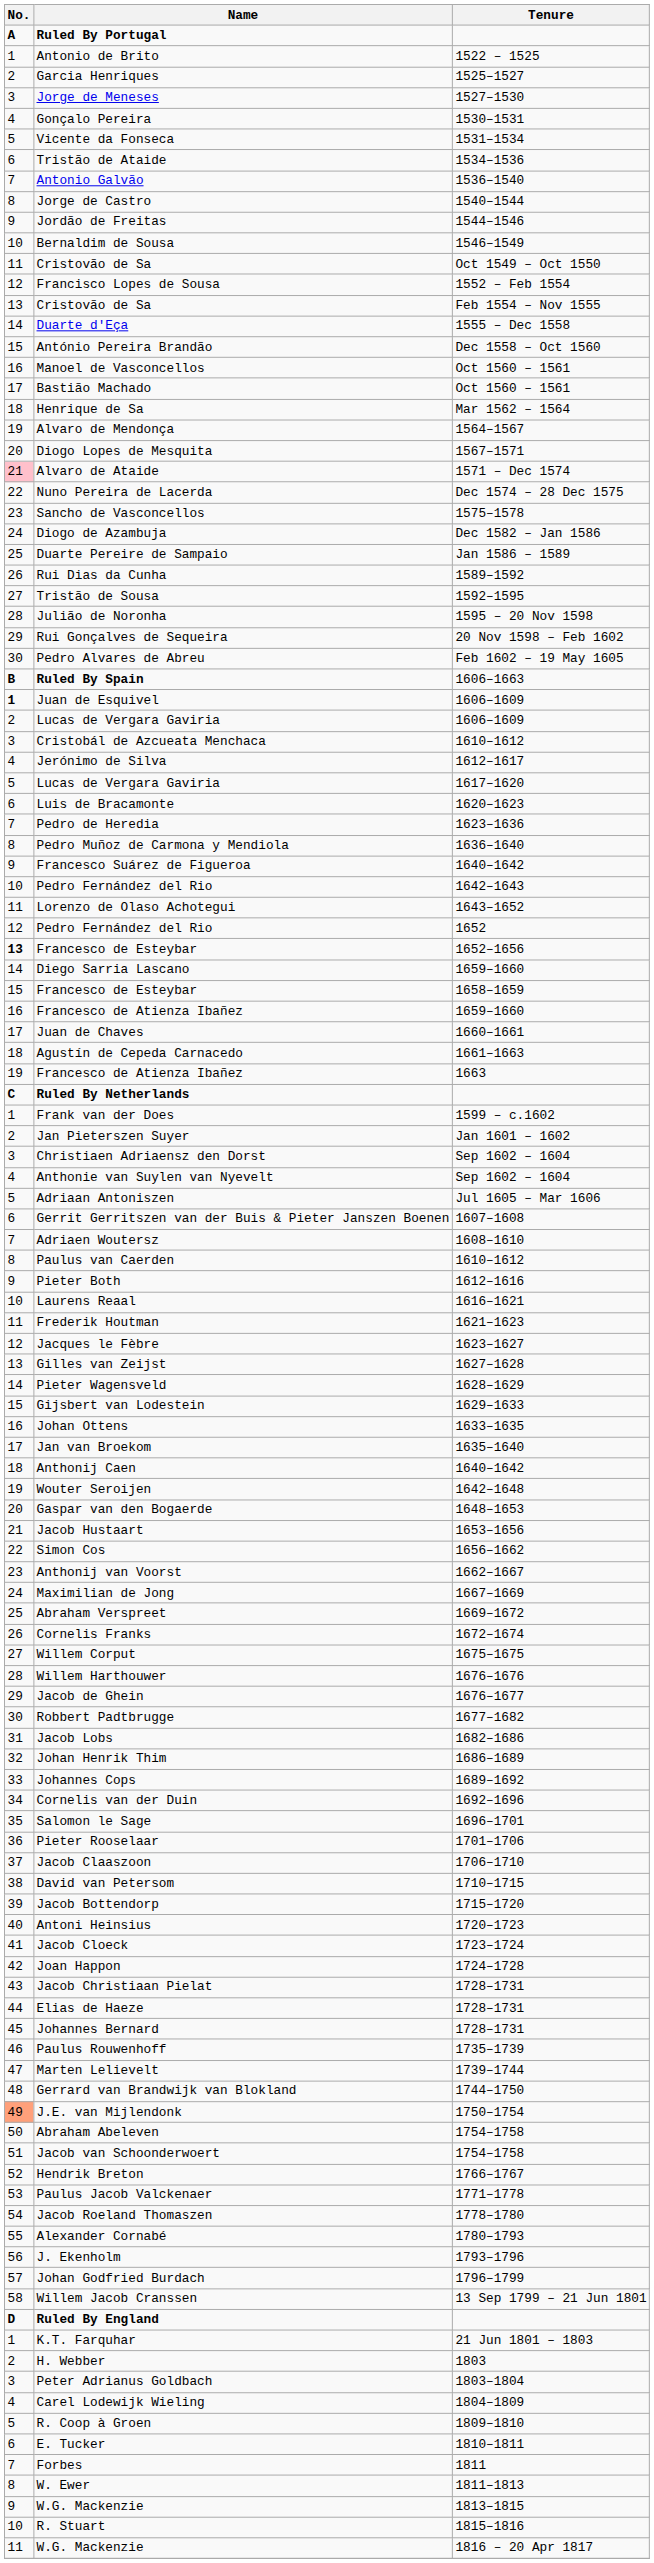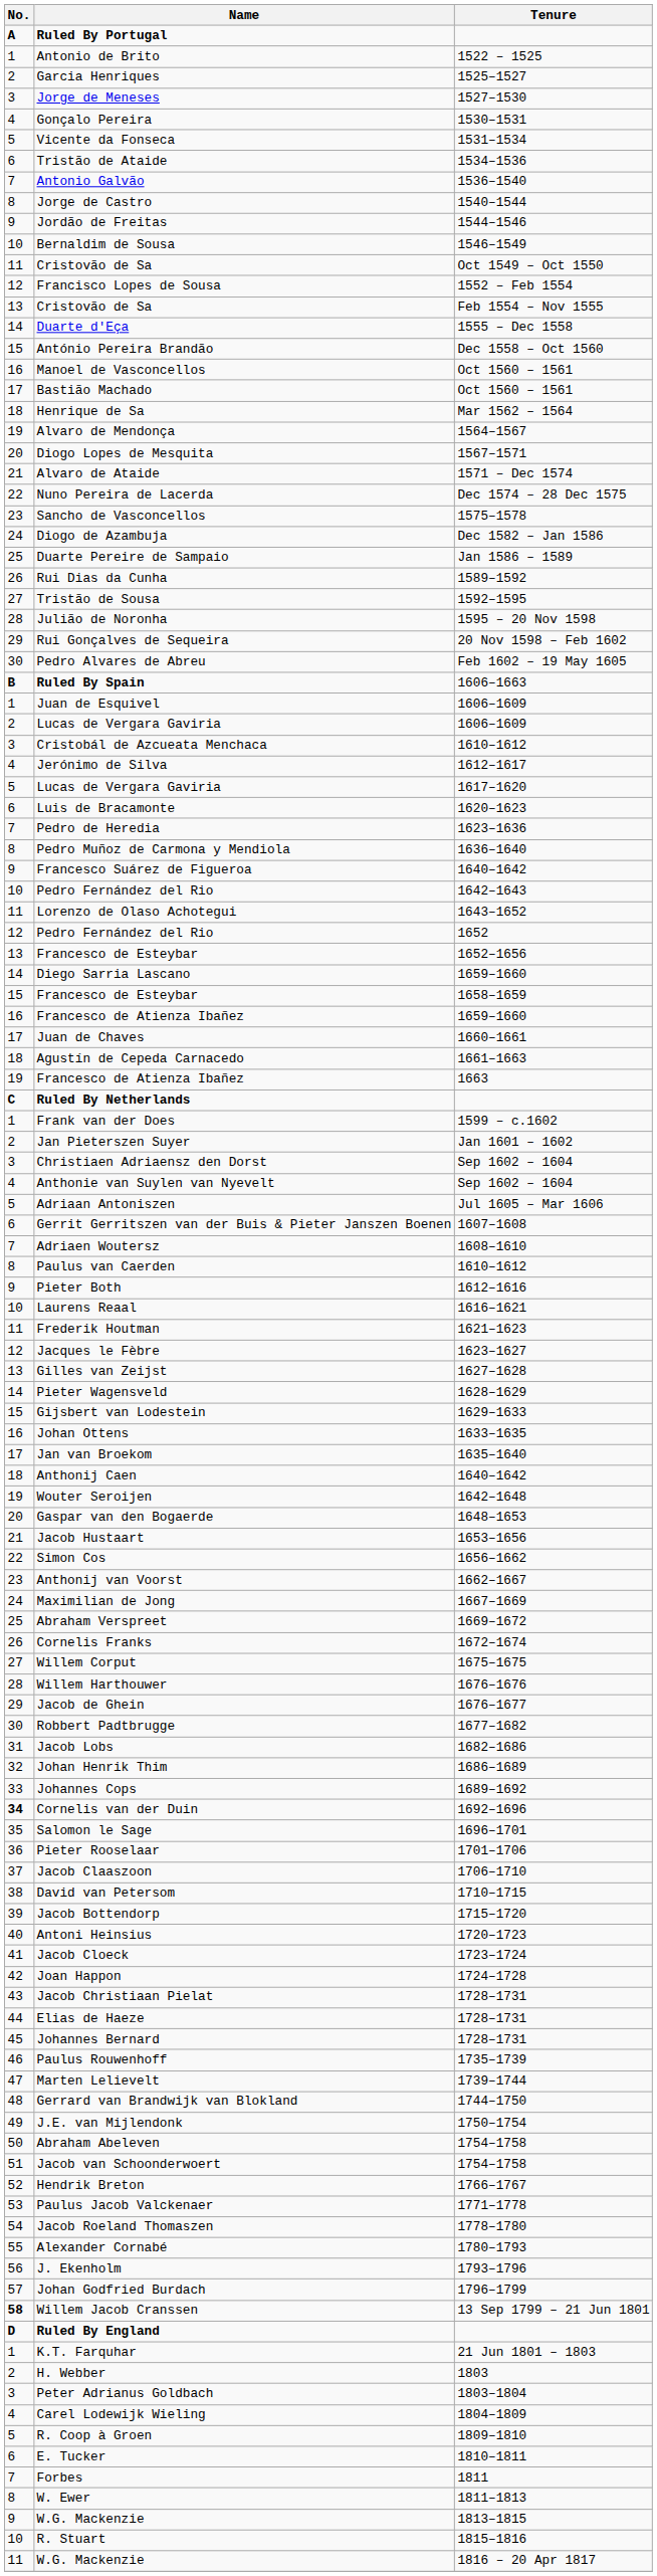 <table class="wikitable">
 <tr>
 <th>No.</th>
 <th>Name</th>
 <th>Tenure</th>
 </tr>
 <tr>
 <td><strong>A</strong></td>
 <td><strong>Ruled By Portugal</strong></td>
 <td></td>
 </tr>
 <tr>
 <td>1</td>
 <td>Antonio de Brito</td>
 <td>1522 – 1525</td>
 </tr>
 <tr>
 <td>2</td>
 <td>Garcia Henriques</td>
 <td>1525–1527</td>
 </tr>
 <tr>
 <td>3</td>
 <td><a href='#'>Jorge de Meneses</a></td>
 <td>1527–1530</td>
 </tr>
 <tr>
 <td>4</td>
 <td>Gonçalo Pereira</td>
 <td>1530–1531</td>
 </tr>
 <tr>
 <td>5</td>
 <td>Vicente da Fonseca</td>
 <td>1531–1534</td>
 </tr>
 <tr>
 <td>6</td>
 <td>Tristão de Ataide</td>
 <td>1534–1536</td>
 </tr>
 <tr>
 <td>7</td>
 <td><a href='#'>Antonio Galvão</a></td>
 <td>1536–1540</td>
 </tr>
 <tr>
 <td>8</td>
 <td>Jorge de Castro</td>
 <td>1540–1544</td>
 </tr>
 <tr>
 <td>9</td>
 <td>Jordão de Freitas</td>
 <td>1544–1546</td>
 </tr>
 <tr>
 <td>10</td>
 <td>Bernaldim de Sousa</td>
 <td>1546–1549</td>
 </tr>
 <tr>
 <td>11</td>
 <td>Cristovão de Sa</td>
 <td>Oct 1549 – Oct 1550</td>
 </tr>
 <tr>
 <td>12</td>
 <td>Francisco Lopes de Sousa</td>
 <td>1552 – Feb 1554</td>
 </tr>
 <tr>
 <td>13</td>
 <td>Cristovão de Sa</td>
 <td>Feb 1554 – Nov 1555</td>
 </tr>
 <tr>
 <td>14</td>
 <td><a href='#'>Duarte d'Eça</a></td>
 <td>1555 – Dec 1558</td>
 </tr>
 <tr>
 <td>15</td>
 <td>António Pereira Brandão</td>
 <td>Dec 1558 – Oct 1560</td>
 </tr>
 <tr>
 <td>16</td>
 <td>Manoel de Vasconcellos</td>
 <td>Oct 1560 – 1561</td>
 </tr>
 <tr>
 <td>17</td>
 <td>Bastião Machado</td>
 <td>Oct 1560 – 1561</td>
 </tr>
 <tr>
 <td>18</td>
 <td>Henrique de Sa</td>
 <td>Mar 1562 – 1564</td>
 </tr>
 <tr>
 <td>19</td>
 <td>Alvaro de Mendonça</td>
 <td>1564–1567</td>
 </tr>
 <tr>
 <td>20</td>
 <td>Diogo Lopes de Mesquita</td>
 <td>1567–1571</td>
 </tr>
 <tr>
-<td style="background: pink;">21</td>
+<td>21</td>
 <td>Alvaro de Ataide</td>
 <td>1571 – Dec 1574</td>
 </tr>
 <tr>
 <td>22</td>
 <td>Nuno Pereira de Lacerda</td>
 <td>Dec 1574 – 28 Dec 1575</td>
 </tr>
 <tr>
 <td>23</td>
 <td>Sancho de Vasconcellos</td>
 <td>1575–1578</td>
 </tr>
 <tr>
 <td>24</td>
 <td>Diogo de Azambuja</td>
 <td>Dec 1582 – Jan 1586</td>
 </tr>
 <tr>
 <td>25</td>
 <td>Duarte Pereire de Sampaio</td>
 <td>Jan 1586 – 1589</td>
 </tr>
 <tr>
 <td>26</td>
 <td>Rui Dias da Cunha</td>
 <td>1589–1592</td>
 </tr>
 <tr>
 <td>27</td>
 <td>Tristão de Sousa</td>
 <td>1592–1595</td>
 </tr>
 <tr>
 <td>28</td>
 <td>Julião de Noronha</td>
 <td>1595 – 20 Nov 1598</td>
 </tr>
 <tr>
 <td>29</td>
 <td>Rui Gonçalves de Sequeira</td>
 <td>20 Nov 1598 – Feb 1602</td>
 </tr>
 <tr>
 <td>30</td>
 <td>Pedro Alvares de Abreu</td>
 <td>Feb 1602 – 19 May 1605</td>
 </tr>
 <tr>
 <td><strong>B</strong></td>
 <td><strong>Ruled By Spain</strong></td>
 <td>1606–1663</td>
 </tr>
 <tr>
-<td><strong>1</strong></td>
+<td>1</td>
 <td>Juan de Esquivel</td>
 <td>1606–1609</td>
 </tr>
 <tr>
 <td>2</td>
 <td>Lucas de Vergara Gaviria</td>
 <td>1606–1609</td>
 </tr>
 <tr>
 <td>3</td>
 <td>Cristobál de Azcueata Menchaca</td>
 <td>1610–1612</td>
 </tr>
 <tr>
 <td>4</td>
 <td>Jerónimo de Silva</td>
 <td>1612–1617</td>
 </tr>
 <tr>
 <td>5</td>
 <td>Lucas de Vergara Gaviria</td>
 <td>1617–1620</td>
 </tr>
 <tr>
 <td>6</td>
 <td>Luis de Bracamonte</td>
 <td>1620–1623</td>
 </tr>
 <tr>
 <td>7</td>
 <td>Pedro de Heredia</td>
 <td>1623–1636</td>
 </tr>
 <tr>
 <td>8</td>
 <td>Pedro Muñoz de Carmona y Mendiola</td>
 <td>1636–1640</td>
 </tr>
 <tr>
 <td>9</td>
 <td>Francesco Suárez de Figueroa</td>
 <td>1640–1642</td>
 </tr>
 <tr>
 <td>10</td>
 <td>Pedro Fernández del Rio</td>
 <td>1642–1643</td>
 </tr>
 <tr>
 <td>11</td>
 <td>Lorenzo de Olaso Achotegui</td>
 <td>1643–1652</td>
 </tr>
 <tr>
 <td>12</td>
 <td>Pedro Fernández del Rio</td>
 <td>1652</td>
 </tr>
 <tr>
-<td><strong>13</strong></td>
+<td>13</td>
 <td>Francesco de Esteybar</td>
 <td>1652–1656</td>
 </tr>
 <tr>
 <td>14</td>
 <td>Diego Sarria Lascano</td>
 <td>1659–1660</td>
 </tr>
 <tr>
 <td>15</td>
 <td>Francesco de Esteybar</td>
 <td>1658–1659</td>
 </tr>
 <tr>
 <td>16</td>
 <td>Francesco de Atienza Ibañez</td>
 <td>1659–1660</td>
 </tr>
 <tr>
 <td>17</td>
 <td>Juan de Chaves</td>
 <td>1660–1661</td>
 </tr>
 <tr>
 <td>18</td>
 <td>Agustín de Cepeda Carnacedo</td>
 <td>1661–1663</td>
 </tr>
 <tr>
 <td>19</td>
 <td>Francesco de Atienza Ibañez</td>
 <td>1663</td>
 </tr>
 <tr>
 <td><strong>C</strong></td>
 <td><strong>Ruled By Netherlands</strong></td>
 <td></td>
 </tr>
 <tr>
 <td>1</td>
 <td>Frank van der Does</td>
 <td>1599 – c.1602</td>
 </tr>
 <tr>
 <td>2</td>
 <td>Jan Pieterszen Suyer</td>
 <td>Jan 1601 – 1602</td>
 </tr>
 <tr>
 <td>3</td>
 <td>Christiaen Adriaensz den Dorst</td>
 <td>Sep 1602 – 1604</td>
 </tr>
 <tr>
 <td>4</td>
 <td>Anthonie van Suylen van Nyevelt</td>
 <td>Sep 1602 – 1604</td>
 </tr>
 <tr>
 <td>5</td>
 <td>Adriaan Antoniszen</td>
 <td>Jul 1605 – Mar 1606</td>
 </tr>
 <tr>
 <td>6</td>
 <td>Gerrit Gerritszen van der Buis & Pieter Janszen Boenen</td>
 <td>1607–1608</td>
 </tr>
 <tr>
 <td>7</td>
 <td>Adriaen Woutersz</td>
 <td>1608–1610</td>
 </tr>
 <tr>
 <td>8</td>
 <td>Paulus van Caerden</td>
 <td>1610–1612</td>
 </tr>
 <tr>
 <td>9</td>
 <td>Pieter Both</td>
 <td>1612–1616</td>
 </tr>
 <tr>
 <td>10</td>
 <td>Laurens Reaal</td>
 <td>1616–1621</td>
 </tr>
 <tr>
 <td>11</td>
 <td>Frederik Houtman</td>
 <td>1621–1623</td>
 </tr>
 <tr>
 <td>12</td>
 <td>Jacques le Fèbre</td>
 <td>1623–1627</td>
 </tr>
 <tr>
 <td>13</td>
 <td>Gilles van Zeijst</td>
 <td>1627–1628</td>
 </tr>
 <tr>
 <td>14</td>
 <td>Pieter Wagensveld</td>
 <td>1628–1629</td>
 </tr>
 <tr>
 <td>15</td>
 <td>Gijsbert van Lodestein</td>
 <td>1629–1633</td>
 </tr>
 <tr>
 <td>16</td>
 <td>Johan Ottens</td>
 <td>1633–1635</td>
 </tr>
 <tr>
 <td>17</td>
 <td>Jan van Broekom</td>
 <td>1635–1640</td>
 </tr>
 <tr>
 <td>18</td>
 <td>Anthonij Caen</td>
 <td>1640–1642</td>
 </tr>
 <tr>
 <td>19</td>
 <td>Wouter Seroijen</td>
 <td>1642–1648</td>
 </tr>
 <tr>
 <td>20</td>
 <td>Gaspar van den Bogaerde</td>
 <td>1648–1653</td>
 </tr>
 <tr>
 <td>21</td>
 <td>Jacob Hustaart</td>
 <td>1653–1656</td>
 </tr>
 <tr>
 <td>22</td>
 <td>Simon Cos</td>
 <td>1656–1662</td>
 </tr>
 <tr>
 <td>23</td>
 <td>Anthonij van Voorst</td>
 <td>1662–1667</td>
 </tr>
 <tr>
 <td>24</td>
 <td>Maximilian de Jong</td>
 <td>1667–1669</td>
 </tr>
 <tr>
 <td>25</td>
 <td>Abraham Verspreet</td>
 <td>1669–1672</td>
 </tr>
 <tr>
 <td>26</td>
 <td>Cornelis Franks</td>
 <td>1672–1674</td>
 </tr>
 <tr>
 <td>27</td>
 <td>Willem Corput</td>
 <td>1675–1675</td>
 </tr>
 <tr>
 <td>28</td>
 <td>Willem Harthouwer</td>
 <td>1676–1676</td>
 </tr>
 <tr>
 <td>29</td>
 <td>Jacob de Ghein</td>
 <td>1676–1677</td>
 </tr>
 <tr>
 <td>30</td>
 <td>Robbert Padtbrugge</td>
 <td>1677–1682</td>
 </tr>
 <tr>
 <td>31</td>
 <td>Jacob Lobs</td>
 <td>1682–1686</td>
 </tr>
 <tr>
 <td>32</td>
 <td>Johan Henrik Thim</td>
 <td>1686–1689</td>
 </tr>
 <tr>
 <td>33</td>
 <td>Johannes Cops</td>
 <td>1689–1692</td>
 </tr>
 <tr>
-<td>34</td>
+<td><strong>34</strong></td>
 <td>Cornelis van der Duin</td>
 <td>1692–1696</td>
 </tr>
 <tr>
 <td>35</td>
 <td>Salomon le Sage</td>
 <td>1696–1701</td>
 </tr>
 <tr>
 <td>36</td>
 <td>Pieter Rooselaar</td>
 <td>1701–1706</td>
 </tr>
 <tr>
 <td>37</td>
 <td>Jacob Claaszoon</td>
 <td>1706–1710</td>
 </tr>
 <tr>
 <td>38</td>
 <td>David van Petersom</td>
 <td>1710–1715</td>
 </tr>
 <tr>
 <td>39</td>
 <td>Jacob Bottendorp</td>
 <td>1715–1720</td>
 </tr>
 <tr>
 <td>40</td>
 <td>Antoni Heinsius</td>
 <td>1720–1723</td>
 </tr>
 <tr>
 <td>41</td>
 <td>Jacob Cloeck</td>
 <td>1723–1724</td>
 </tr>
 <tr>
 <td>42</td>
 <td>Joan Happon</td>
 <td>1724–1728</td>
 </tr>
 <tr>
 <td>43</td>
 <td>Jacob Christiaan Pielat</td>
 <td>1728–1731</td>
 </tr>
 <tr>
 <td>44</td>
 <td>Elias de Haeze</td>
 <td>1728–1731</td>
 </tr>
 <tr>
 <td>45</td>
 <td>Johannes Bernard</td>
 <td>1728–1731</td>
 </tr>
 <tr>
 <td>46</td>
 <td>Paulus Rouwenhoff</td>
 <td>1735–1739</td>
 </tr>
 <tr>
 <td>47</td>
 <td>Marten Lelievelt</td>
 <td>1739–1744</td>
 </tr>
 <tr>
 <td>48</td>
 <td>Gerrard van Brandwijk van Blokland</td>
 <td>1744–1750</td>
 </tr>
 <tr>
-<td style="background: lightsalmon;">49</td>
+<td>49</td>
 <td>J.E. van Mijlendonk</td>
 <td>1750–1754</td>
 </tr>
 <tr>
 <td>50</td>
 <td>Abraham Abeleven</td>
 <td>1754–1758</td>
 </tr>
 <tr>
 <td>51</td>
 <td>Jacob van Schoonderwoert</td>
 <td>1754–1758</td>
 </tr>
 <tr>
 <td>52</td>
 <td>Hendrik Breton</td>
 <td>1766–1767</td>
 </tr>
 <tr>
 <td>53</td>
 <td>Paulus Jacob Valckenaer</td>
 <td>1771–1778</td>
 </tr>
 <tr>
 <td>54</td>
 <td>Jacob Roeland Thomaszen</td>
 <td>1778–1780</td>
 </tr>
 <tr>
 <td>55</td>
 <td>Alexander Cornabé</td>
 <td>1780–1793</td>
 </tr>
 <tr>
 <td>56</td>
 <td>J. Ekenholm</td>
 <td>1793–1796</td>
 </tr>
 <tr>
 <td>57</td>
 <td>Johan Godfried Burdach</td>
 <td>1796–1799</td>
 </tr>
 <tr>
-<td>58</td>
+<td><strong>58</strong></td>
 <td>Willem Jacob Cranssen</td>
 <td>13 Sep 1799 – 21 Jun 1801</td>
 </tr>
 <tr>
 <td><strong>D</strong></td>
 <td><strong>Ruled By England</strong></td>
 <td></td>
 </tr>
 <tr>
 <td>1</td>
 <td>K.T. Farquhar</td>
 <td>21 Jun 1801 – 1803</td>
 </tr>
 <tr>
 <td>2</td>
 <td>H. Webber</td>
 <td>1803</td>
 </tr>
 <tr>
 <td>3</td>
 <td>Peter Adrianus Goldbach</td>
 <td>1803–1804</td>
 </tr>
 <tr>
 <td>4</td>
 <td>Carel Lodewijk Wieling</td>
 <td>1804–1809</td>
 </tr>
 <tr>
 <td>5</td>
 <td>R. Coop à Groen</td>
 <td>1809–1810</td>
 </tr>
 <tr>
 <td>6</td>
 <td>E. Tucker</td>
 <td>1810–1811</td>
 </tr>
 <tr>
 <td>7</td>
 <td>Forbes</td>
 <td>1811</td>
 </tr>
 <tr>
 <td>8</td>
 <td>W. Ewer</td>
 <td>1811–1813</td>
 </tr>
 <tr>
 <td>9</td>
 <td>W.G. Mackenzie</td>
 <td>1813–1815</td>
 </tr>
 <tr>
 <td>10</td>
 <td>R. Stuart</td>
 <td>1815–1816</td>
 </tr>
 <tr>
 <td>11</td>
 <td>W.G. Mackenzie</td>
 <td>1816 – 20 Apr 1817</td>
 </tr>
 <tr>
 </tr>
 </table>
